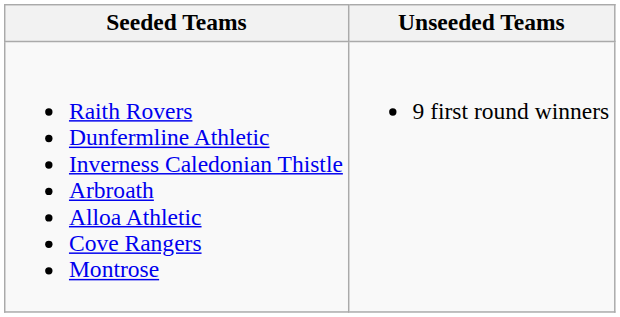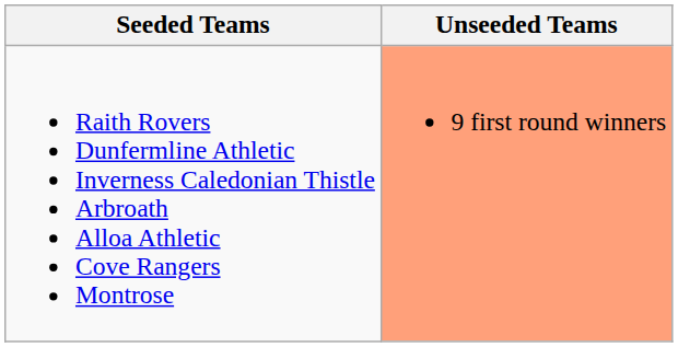 <table class="wikitable">
 <tr>
 <th>Seeded Teams</th>
 <th>Unseeded Teams</th>
 </tr>
 <tr>
 <td valign=top><br><ul><li><a href='#'>Raith Rovers</a></li><li><a href='#'>Dunfermline Athletic</a></li><li><a href='#'>Inverness Caledonian Thistle</a></li><li><a href='#'>Arbroath</a></li><li><a href='#'>Alloa Athletic</a></li><li><a href='#'>Cove Rangers</a></li><li><a href='#'>Montrose</a></li></ul></td>
-<td valign=top><br><ul><li>9 first round winners</li></ul></td>
+<td valign=top style="background: lightsalmon;"><br><ul><li>9 first round winners</li></ul></td>
 </tr>
 </table>
